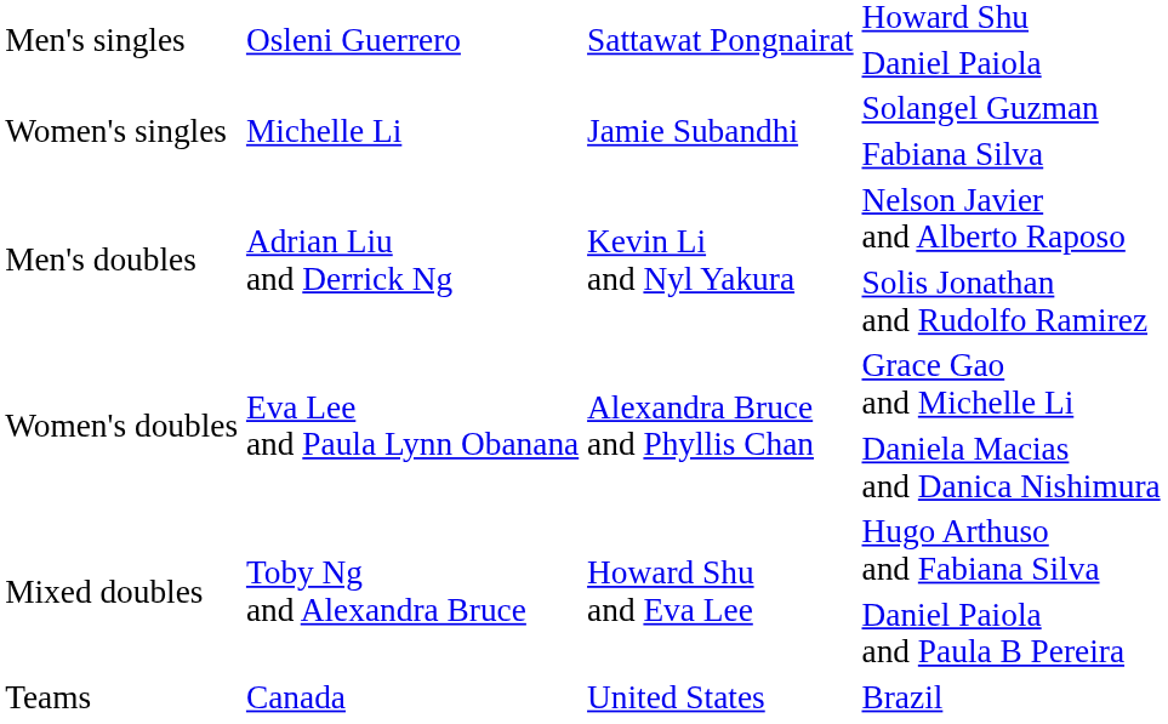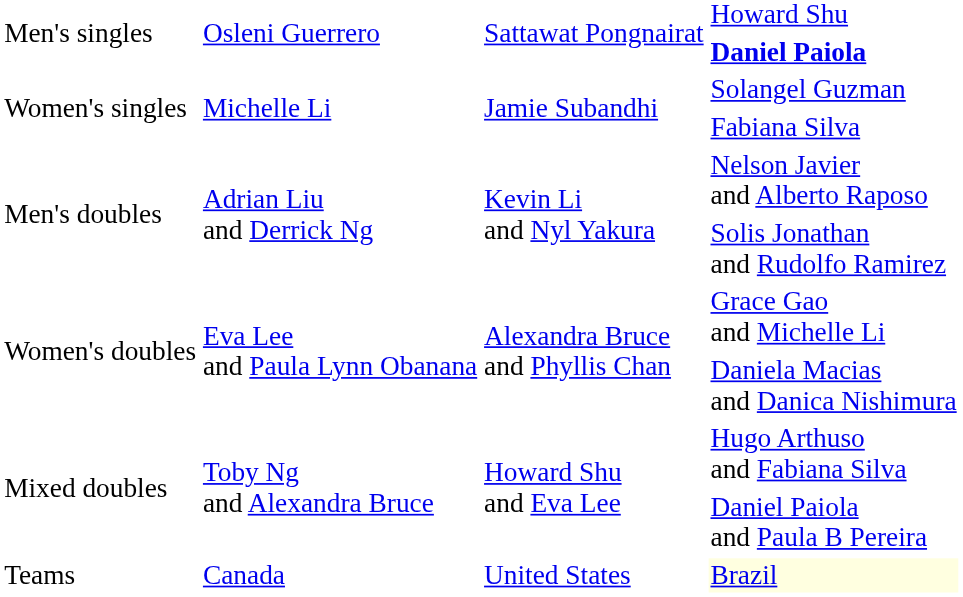 <table>
 <tr>
 <td rowspan=2>Men's singles</td>
 <td rowspan=2> <a href='#'>Osleni Guerrero</a></td>
 <td rowspan=2> <a href='#'>Sattawat Pongnairat</a></td>
 <td> <a href='#'>Howard Shu</a></td>
 </tr>
 <tr>
-<td> <a href='#'>Daniel Paiola</a></td>
+<td><strong> <a href='#'>Daniel Paiola</a></strong></td>
 </tr>
 <tr>
 <td rowspan=2>Women's singles</td>
 <td rowspan=2> <a href='#'>Michelle Li</a></td>
 <td rowspan=2> <a href='#'>Jamie Subandhi</a></td>
 <td> <a href='#'>Solangel Guzman</a></td>
 </tr>
 <tr>
 <td> <a href='#'>Fabiana Silva</a></td>
 </tr>
 <tr>
 <td rowspan=2>Men's doubles</td>
 <td rowspan=2> <a href='#'>Adrian Liu</a><br>and <a href='#'>Derrick Ng</a></td>
 <td rowspan=2> <a href='#'>Kevin Li</a><br>and <a href='#'>Nyl Yakura</a></td>
 <td> <a href='#'>Nelson Javier</a><br>and <a href='#'>Alberto Raposo</a></td>
 </tr>
 <tr>
 <td> <a href='#'>Solis Jonathan</a><br>and <a href='#'>Rudolfo Ramirez</a></td>
 </tr>
 <tr>
 <td rowspan=2>Women's doubles</td>
 <td rowspan=2> <a href='#'>Eva Lee</a><br>and <a href='#'>Paula Lynn Obanana</a></td>
 <td rowspan=2> <a href='#'>Alexandra Bruce</a><br>and <a href='#'>Phyllis Chan</a></td>
 <td> <a href='#'>Grace Gao</a><br>and <a href='#'>Michelle Li</a></td>
 </tr>
 <tr>
 <td> <a href='#'>Daniela Macias</a><br> and <a href='#'>Danica Nishimura</a></td>
 </tr>
 <tr>
 <td rowspan=2>Mixed doubles</td>
 <td rowspan=2> <a href='#'>Toby Ng</a><br> and <a href='#'>Alexandra Bruce</a></td>
 <td rowspan=2> <a href='#'>Howard Shu</a><br>and <a href='#'>Eva Lee</a></td>
 <td> <a href='#'>Hugo Arthuso</a><br>and <a href='#'>Fabiana Silva</a></td>
 </tr>
 <tr>
 <td> <a href='#'>Daniel Paiola</a><br>and <a href='#'>Paula B Pereira</a></td>
 </tr>
 <tr>
 <td rowspan=2>Teams</td>
 <td rowspan=2> <a href='#'>Canada</a></td>
 <td rowspan=2> <a href='#'>United States</a></td>
-<td> <a href='#'>Brazil</a></td>
+<td style="background: lightyellow;"> <a href='#'>Brazil</a></td>
 </tr>
 </table>
